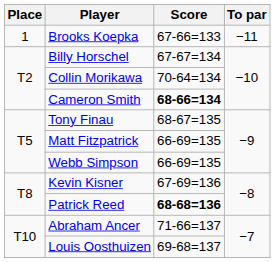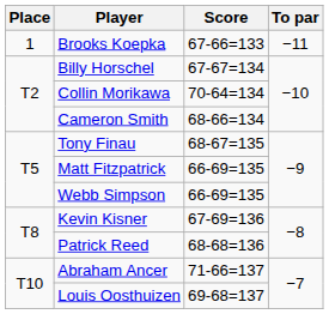 <table class="wikitable">
 <tr>
 <th>Place</th>
 <th>Player</th>
 <th>Score</th>
 <th>To par</th>
 </tr>
 <tr>
 <td align=center>1</td>
 <td> <a href='#'>Brooks Koepka</a></td>
 <td>67-66=133</td>
 <td align=center>−11</td>
 </tr>
 <tr>
 <td rowspan=3 align=center>T2</td>
 <td> <a href='#'>Billy Horschel</a></td>
 <td>67-67=134</td>
 <td rowspan=3 align=center>−10</td>
 </tr>
 <tr>
 <td> <a href='#'>Collin Morikawa</a></td>
 <td>70-64=134</td>
 </tr>
 <tr>
 <td> <a href='#'>Cameron Smith</a></td>
-<td><strong>68-66=134</strong></td>
+<td>68-66=134</td>
 </tr>
 <tr>
 <td rowspan=3 align=center>T5</td>
 <td> <a href='#'>Tony Finau</a></td>
 <td>68-67=135</td>
 <td rowspan=3 align=center>−9</td>
 </tr>
 <tr>
 <td> <a href='#'>Matt Fitzpatrick</a></td>
 <td>66-69=135</td>
 </tr>
 <tr>
 <td> <a href='#'>Webb Simpson</a></td>
 <td>66-69=135</td>
 </tr>
 <tr>
 <td rowspan=2 align=center>T8</td>
 <td> <a href='#'>Kevin Kisner</a></td>
 <td>67-69=136</td>
 <td rowspan=2 align=center>−8</td>
 </tr>
 <tr>
 <td> <a href='#'>Patrick Reed</a></td>
-<td><strong>68-68=136</strong></td>
+<td>68-68=136</td>
 </tr>
 <tr>
 <td rowspan=2 align=center>T10</td>
 <td> <a href='#'>Abraham Ancer</a></td>
 <td>71-66=137</td>
 <td rowspan=2 align=center>−7</td>
 </tr>
 <tr>
 <td> <a href='#'>Louis Oosthuizen</a></td>
 <td>69-68=137</td>
 </tr>
 </table>
